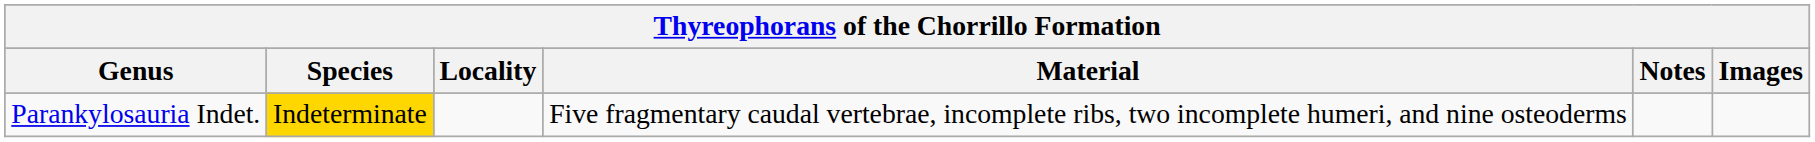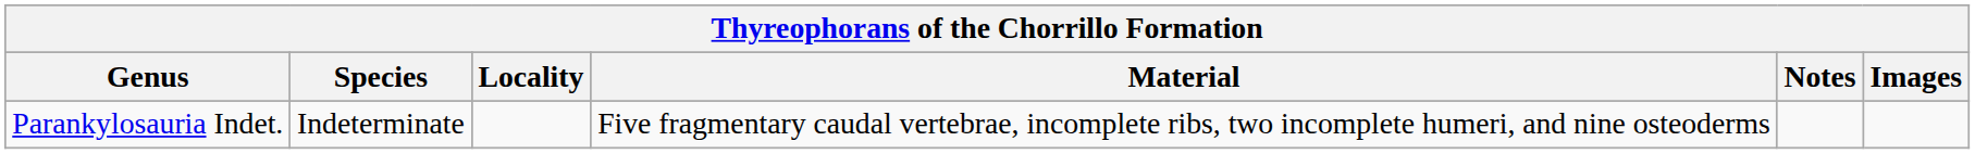 <table class="wikitable" align="center">
 <tr>
 <th colspan="7" align="center"><a href='#'>Thyreophorans</a> of the Chorrillo Formation</th>
 </tr>
 <tr>
 <th>Genus</th>
 <th>Species</th>
 <th>Locality</th>
 <th>Material</th>
 <th>Notes</th>
 <th>Images</th>
 </tr>
 <tr>
 <td><a href='#'>Parankylosauria</a> Indet.</td>
-<td style="background: gold;">Indeterminate</td>
+<td>Indeterminate</td>
 <td></td>
 <td>Five fragmentary caudal vertebrae, incomplete ribs, two incomplete humeri, and nine osteoderms</td>
 <td></td>
 <td></td>
 </tr>
 </table>
